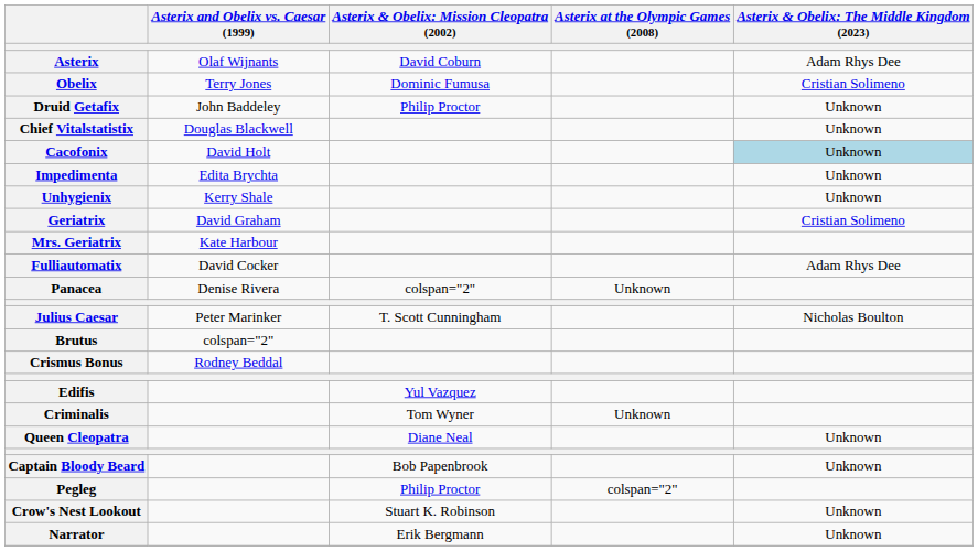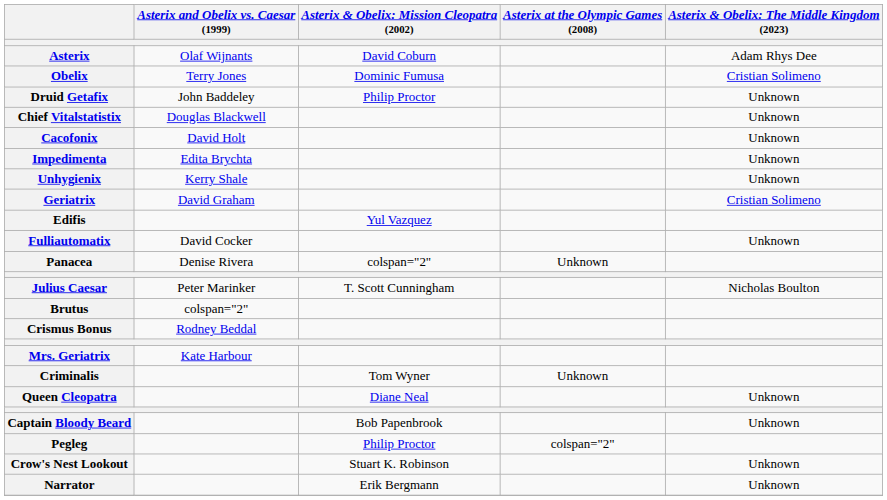 <table class="wikitable" style="text-align:center;">
 <tr>
 <th></th>
 <th><em><a href='#'>Asterix and Obelix vs. Caesar</a></em><br><small>(1999)</small></th>
 <th><em><a href='#'>Asterix & Obelix: Mission Cleopatra</a></em><br><small>(2002)</small></th>
 <th><em><a href='#'>Asterix at the Olympic Games</a></em><br><small>(2008)</small></th>
 <th><em><a href='#'>Asterix & Obelix: The Middle Kingdom</a></em><br><small>(2023)</small></th>
 </tr>
 <tr>
 <th colspan="5"></th>
 </tr>
 <tr>
 <th><a href='#'>Asterix</a></th>
 <td><a href='#'>Olaf Wijnants</a></td>
 <td><a href='#'>David Coburn</a></td>
 <td></td>
 <td>Adam Rhys Dee</td>
 </tr>
 <tr>
 <th><a href='#'>Obelix</a></th>
 <td><a href='#'>Terry Jones</a></td>
 <td><a href='#'>Dominic Fumusa</a></td>
 <td></td>
 <td><a href='#'>Cristian Solimeno</a></td>
 </tr>
 <tr>
 <th>Druid <a href='#'>Getafix</a></th>
 <td>John Baddeley</td>
 <td><a href='#'>Philip Proctor</a></td>
 <td></td>
 <td>Unknown</td>
 </tr>
 <tr>
 <th>Chief <a href='#'>Vitalstatistix</a></th>
 <td><a href='#'>Douglas Blackwell</a></td>
 <td></td>
 <td></td>
 <td>Unknown</td>
 </tr>
 <tr>
 <th><a href='#'>Cacofonix</a></th>
 <td><a href='#'>David Holt</a></td>
 <td></td>
 <td></td>
-<td style="background: lightblue;">Unknown</td>
+<td>Unknown</td>
 </tr>
 <tr>
 <th><a href='#'>Impedimenta</a></th>
 <td><a href='#'>Edita Brychta</a></td>
 <td></td>
 <td></td>
 <td>Unknown</td>
 </tr>
 <tr>
 <th><a href='#'>Unhygienix</a></th>
 <td><a href='#'>Kerry Shale</a></td>
 <td></td>
 <td></td>
 <td>Unknown</td>
 </tr>
 <tr>
 <th><a href='#'>Geriatrix</a></th>
 <td><a href='#'>David Graham</a></td>
 <td></td>
 <td></td>
 <td><a href='#'>Cristian Solimeno</a></td>
 </tr>
 <tr>
-<th><a href='#'>Mrs. Geriatrix</a></th>
-<td><a href='#'>Kate Harbour</a></td>
+<th>Edifis</th>
 <td></td>
+<td><a href='#'>Yul Vazquez</a></td>
 <td></td>
 <td></td>
 </tr>
 <tr>
 <th><a href='#'>Fulliautomatix</a></th>
 <td>David Cocker</td>
 <td></td>
 <td></td>
-<td>Adam Rhys Dee</td>
+<td>Unknown</td>
 </tr>
 <tr>
 <th>Panacea</th>
 <td>Denise Rivera</td>
 <td>colspan="2" </td>
 <td>Unknown</td>
 </tr>
 <tr>
 <th colspan="5"></th>
 </tr>
 <tr>
 <th><a href='#'>Julius Caesar</a></th>
 <td>Peter Marinker</td>
 <td>T. Scott Cunningham</td>
 <td></td>
 <td>Nicholas Boulton</td>
 </tr>
 <tr>
 <th>Brutus</th>
 <td>colspan="2" </td>
 <td></td>
 <td></td>
 </tr>
 <tr>
 <th>Crismus Bonus</th>
 <td><a href='#'>Rodney Beddal</a></td>
 <td></td>
 <td></td>
 <td></td>
 </tr>
 <tr>
 <th colspan="5"></th>
 </tr>
 <tr>
-<th>Edifis</th>
+<th><a href='#'>Mrs. Geriatrix</a></th>
+<td><a href='#'>Kate Harbour</a></td>
 <td></td>
-<td><a href='#'>Yul Vazquez</a></td>
 <td></td>
 <td></td>
 </tr>
 <tr>
 <th>Criminalis</th>
 <td></td>
 <td>Tom Wyner</td>
 <td>Unknown</td>
 </tr>
 <tr>
 <th>Queen <a href='#'>Cleopatra</a></th>
 <td></td>
 <td><a href='#'>Diane Neal</a></td>
 <td></td>
 <td>Unknown</td>
 </tr>
 <tr>
 <th colspan="5"></th>
 </tr>
 <tr>
 <th>Captain <a href='#'>Bloody Beard</a></th>
 <td></td>
 <td>Bob Papenbrook</td>
 <td></td>
 <td>Unknown</td>
 </tr>
 <tr>
 <th>Pegleg</th>
 <td></td>
 <td><a href='#'>Philip Proctor</a></td>
 <td>colspan="2" </td>
 </tr>
 <tr>
 <th>Crow's Nest Lookout</th>
 <td></td>
 <td>Stuart K. Robinson</td>
 <td></td>
 <td>Unknown</td>
 </tr>
 <tr>
 <th>Narrator</th>
 <td></td>
 <td>Erik Bergmann</td>
 <td></td>
 <td>Unknown</td>
 </tr>
 <tr>
 </tr>
 </table>
